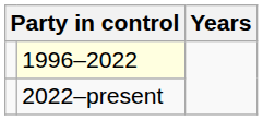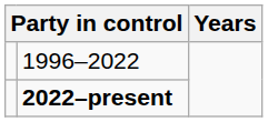 <table class="wikitable">
 <tr>
 <th colspan="2">Party in control</th>
 <th>Years</th>
 </tr>
 <tr>
 <td></td>
-<td style="background: lightyellow;">1996–2022</td>
+<td>1996–2022</td>
 </tr>
 <tr>
 <td></td>
-<td>2022–present</td>
+<td><strong>2022–present</strong></td>
 </tr>
 </table>
